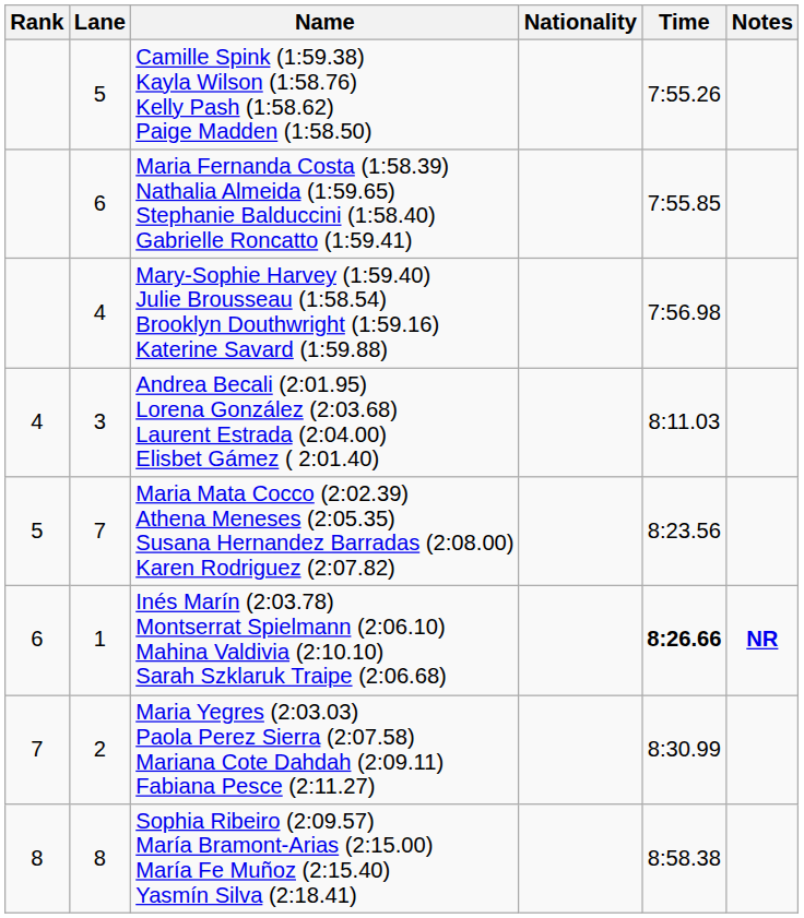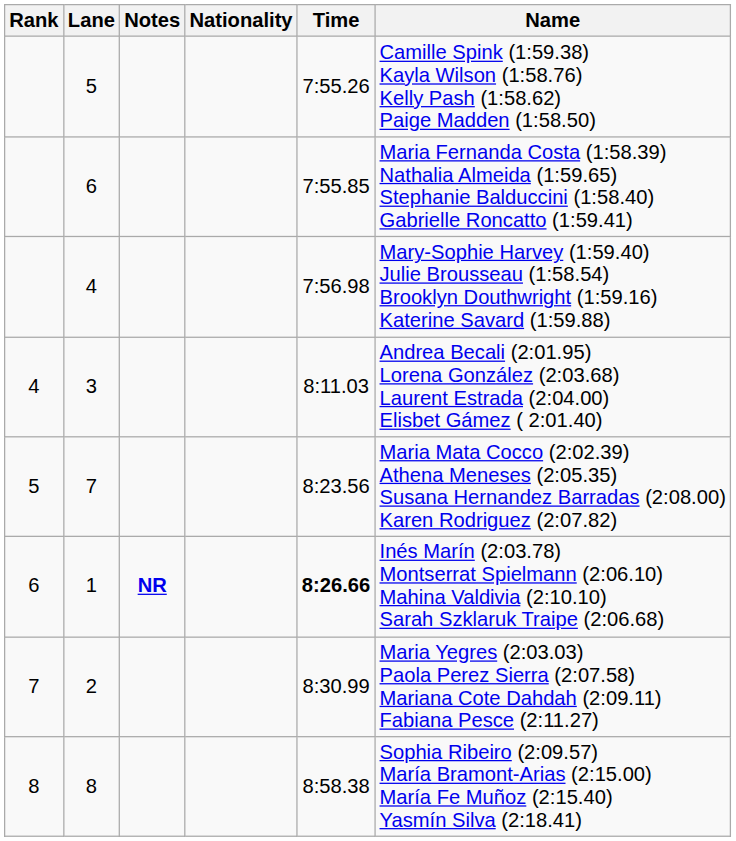 <table class="wikitable sortable" style="text-align:center">
 <tr>
 <th>Rank</th>
 <th>Lane</th>
-<th>Name</th>
+<th>Notes</th>
 <th>Nationality</th>
 <th>Time</th>
-<th>Notes</th>
+<th>Name</th>
 </tr>
 <tr>
 <td></td>
 <td>5</td>
-<td align=left><a href='#'>Camille Spink</a> (1:59.38)<br><a href='#'>Kayla Wilson</a> (1:58.76)<br><a href='#'>Kelly Pash</a> (1:58.62)<br><a href='#'>Paige Madden</a> (1:58.50)</td>
+<td></td>
 <td align=left></td>
 <td>7:55.26</td>
-<td></td>
+<td align=left><a href='#'>Camille Spink</a> (1:59.38)<br><a href='#'>Kayla Wilson</a> (1:58.76)<br><a href='#'>Kelly Pash</a> (1:58.62)<br><a href='#'>Paige Madden</a> (1:58.50)</td>
 </tr>
 <tr>
 <td></td>
 <td>6</td>
-<td align=left><a href='#'>Maria Fernanda Costa</a> (1:58.39)<br><a href='#'>Nathalia Almeida</a> (1:59.65)<br><a href='#'>Stephanie Balduccini</a> (1:58.40)<br><a href='#'>Gabrielle Roncatto</a> (1:59.41)</td>
+<td></td>
 <td align=left></td>
 <td>7:55.85</td>
-<td></td>
+<td align=left><a href='#'>Maria Fernanda Costa</a> (1:58.39)<br><a href='#'>Nathalia Almeida</a> (1:59.65)<br><a href='#'>Stephanie Balduccini</a> (1:58.40)<br><a href='#'>Gabrielle Roncatto</a> (1:59.41)</td>
 </tr>
 <tr>
 <td></td>
 <td>4</td>
-<td align=left><a href='#'>Mary-Sophie Harvey</a> (1:59.40)<br><a href='#'>Julie Brousseau</a> (1:58.54)<br><a href='#'>Brooklyn Douthwright</a> (1:59.16)<br><a href='#'>Katerine Savard</a> (1:59.88)</td>
+<td></td>
 <td align=left></td>
 <td>7:56.98</td>
-<td></td>
+<td align=left><a href='#'>Mary-Sophie Harvey</a> (1:59.40)<br><a href='#'>Julie Brousseau</a> (1:58.54)<br><a href='#'>Brooklyn Douthwright</a> (1:59.16)<br><a href='#'>Katerine Savard</a> (1:59.88)</td>
 </tr>
 <tr>
 <td>4</td>
 <td>3</td>
-<td align=left><a href='#'>Andrea Becali</a> (2:01.95)<br><a href='#'>Lorena González</a> (2:03.68)<br><a href='#'>Laurent Estrada</a> (2:04.00)<br><a href='#'>Elisbet Gámez</a> ( 2:01.40)</td>
+<td></td>
 <td align=left></td>
 <td>8:11.03</td>
-<td></td>
+<td align=left><a href='#'>Andrea Becali</a> (2:01.95)<br><a href='#'>Lorena González</a> (2:03.68)<br><a href='#'>Laurent Estrada</a> (2:04.00)<br><a href='#'>Elisbet Gámez</a> ( 2:01.40)</td>
 </tr>
 <tr>
 <td>5</td>
 <td>7</td>
-<td align=left><a href='#'>Maria Mata Cocco</a> (2:02.39)<br><a href='#'>Athena Meneses</a> (2:05.35)<br><a href='#'>Susana Hernandez Barradas</a> (2:08.00)<br><a href='#'>Karen Rodriguez</a> (2:07.82)</td>
+<td></td>
 <td align=left></td>
 <td>8:23.56</td>
-<td></td>
+<td align=left><a href='#'>Maria Mata Cocco</a> (2:02.39)<br><a href='#'>Athena Meneses</a> (2:05.35)<br><a href='#'>Susana Hernandez Barradas</a> (2:08.00)<br><a href='#'>Karen Rodriguez</a> (2:07.82)</td>
 </tr>
 <tr>
 <td>6</td>
 <td>1</td>
-<td align=left><a href='#'>Inés Marín</a> (2:03.78)<br><a href='#'>Montserrat Spielmann</a> (2:06.10)<br><a href='#'>Mahina Valdivia</a> (2:10.10)<br><a href='#'>Sarah Szklaruk Traipe</a> (2:06.68)</td>
+<td><strong><a href='#'>NR</a></strong></td>
 <td align=left></td>
 <td><strong>8:26.66</strong></td>
-<td><strong><a href='#'>NR</a></strong></td>
+<td align=left><a href='#'>Inés Marín</a> (2:03.78)<br><a href='#'>Montserrat Spielmann</a> (2:06.10)<br><a href='#'>Mahina Valdivia</a> (2:10.10)<br><a href='#'>Sarah Szklaruk Traipe</a> (2:06.68)</td>
 </tr>
 <tr>
 <td>7</td>
 <td>2</td>
-<td align=left><a href='#'>Maria Yegres</a> (2:03.03)<br><a href='#'>Paola Perez Sierra</a> (2:07.58)<br><a href='#'>Mariana Cote Dahdah</a> (2:09.11)<br><a href='#'>Fabiana Pesce</a> (2:11.27)</td>
+<td></td>
 <td align=left></td>
 <td>8:30.99</td>
-<td></td>
+<td align=left><a href='#'>Maria Yegres</a> (2:03.03)<br><a href='#'>Paola Perez Sierra</a> (2:07.58)<br><a href='#'>Mariana Cote Dahdah</a> (2:09.11)<br><a href='#'>Fabiana Pesce</a> (2:11.27)</td>
 </tr>
 <tr>
 <td>8</td>
 <td>8</td>
-<td align=left><a href='#'>Sophia Ribeiro</a> (2:09.57)<br><a href='#'>María Bramont-Arias</a> (2:15.00)<br><a href='#'>María Fe Muñoz</a> (2:15.40)<br><a href='#'>Yasmín Silva</a> (2:18.41)</td>
+<td></td>
 <td align=left></td>
 <td>8:58.38</td>
-<td></td>
+<td align=left><a href='#'>Sophia Ribeiro</a> (2:09.57)<br><a href='#'>María Bramont-Arias</a> (2:15.00)<br><a href='#'>María Fe Muñoz</a> (2:15.40)<br><a href='#'>Yasmín Silva</a> (2:18.41)</td>
 </tr>
 </table>
